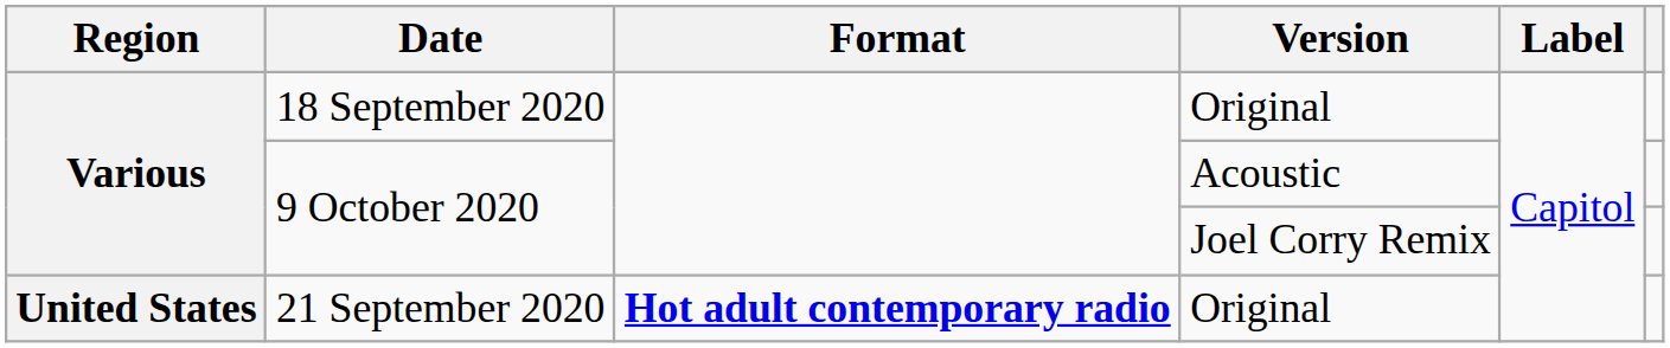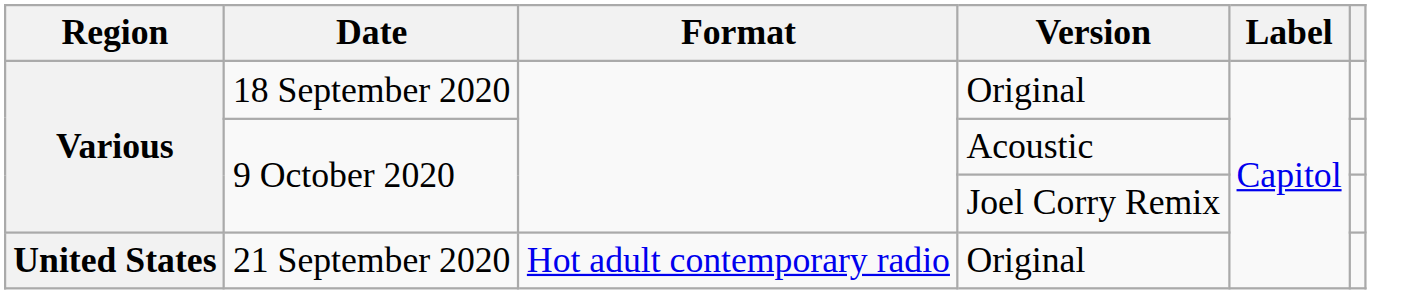 <table class="wikitable plainrowheaders">
 <tr>
 <th scope="col">Region</th>
 <th scope="col">Date</th>
 <th scope="col">Format</th>
 <th scope="col">Version</th>
 <th scope="col">Label</th>
 <th scope="col"></th>
 </tr>
 <tr>
 <th scope="row" rowspan="3">Various</th>
 <td>18 September 2020</td>
 <td rowspan="3"></td>
 <td>Original</td>
 <td rowspan="4"><a href='#'>Capitol</a></td>
 <td></td>
 </tr>
 <tr>
 <td rowspan="2">9 October 2020</td>
 <td>Acoustic</td>
 <td></td>
 </tr>
 <tr>
 <td>Joel Corry Remix</td>
 <td></td>
 </tr>
 <tr>
 <th scope="row">United States</th>
 <td>21 September 2020</td>
-<td><strong><a href='#'>Hot adult contemporary radio</a></strong></td>
+<td><a href='#'>Hot adult contemporary radio</a></td>
 <td>Original</td>
 <td></td>
 </tr>
 </table>
